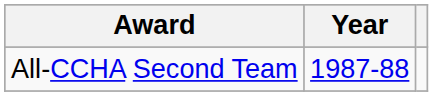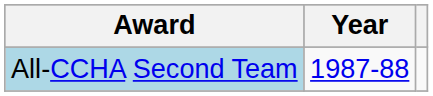 <table class="wikitable">
 <tr>
 <th>Award</th>
 <th>Year</th>
 <th></th>
 </tr>
 <tr>
-<td>All-<a href='#'>CCHA</a> <a href='#'>Second Team</a></td>
+<td style="background: lightblue;">All-<a href='#'>CCHA</a> <a href='#'>Second Team</a></td>
 <td><a href='#'>1987-88</a></td>
 <td></td>
 </tr>
 </table>
